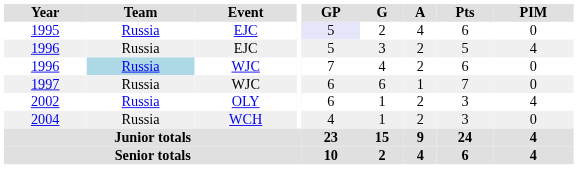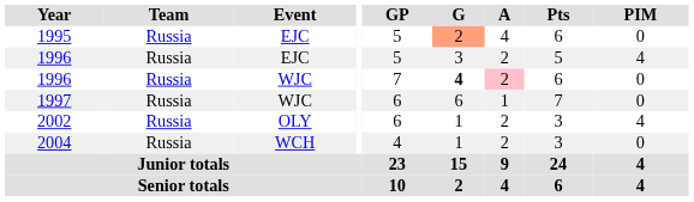 <table border="0" cellpadding="1" cellspacing="0" ID="Table3" style="text-align:center; width:40em">
 <tr bgcolor="#e0e0e0">
 <th>Year</th>
 <th>Team</th>
 <th>Event</th>
 <th rowspan="102" bgcolor="#ffffff"></th>
 <th>GP</th>
 <th>G</th>
 <th>A</th>
 <th>Pts</th>
 <th>PIM</th>
 </tr>
 <tr>
 <td><a href='#'>1995</a></td>
 <td><a href='#'>Russia</a></td>
 <td><a href='#'>EJC</a></td>
-<td style="background: lavender;">5</td>
-<td>2</td>
+<td>5</td>
+<td style="background: lightsalmon;">2</td>
 <td>4</td>
 <td>6</td>
 <td>0</td>
 </tr>
 <tr bgcolor="#f0f0f0">
 <td><a href='#'>1996</a></td>
 <td>Russia</td>
 <td>EJC</td>
 <td>5</td>
 <td>3</td>
 <td>2</td>
 <td>5</td>
 <td>4</td>
 </tr>
 <tr>
 <td><a href='#'>1996</a></td>
-<td style="background: lightblue;"><a href='#'>Russia</a></td>
+<td><a href='#'>Russia</a></td>
 <td><a href='#'>WJC</a></td>
 <td>7</td>
-<td>4</td>
-<td>2</td>
+<td><strong>4</strong></td>
+<td style="background: pink;">2</td>
 <td>6</td>
 <td>0</td>
 </tr>
 <tr bgcolor="#f0f0f0">
 <td><a href='#'>1997</a></td>
 <td>Russia</td>
 <td>WJC</td>
 <td>6</td>
 <td>6</td>
 <td>1</td>
 <td>7</td>
 <td>0</td>
 </tr>
 <tr>
 <td><a href='#'>2002</a></td>
 <td><a href='#'>Russia</a></td>
 <td><a href='#'>OLY</a></td>
 <td>6</td>
 <td>1</td>
 <td>2</td>
 <td>3</td>
 <td>4</td>
 </tr>
 <tr bgcolor="#f0f0f0">
 <td><a href='#'>2004</a></td>
 <td>Russia</td>
 <td><a href='#'>WCH</a></td>
 <td>4</td>
 <td>1</td>
 <td>2</td>
 <td>3</td>
 <td>0</td>
 </tr>
 <tr bgcolor="#e0e0e0">
 <th colspan=4>Junior totals</th>
 <th>23</th>
 <th>15</th>
 <th>9</th>
 <th>24</th>
 <th>4</th>
 </tr>
 <tr bgcolor="#e0e0e0">
 <th colspan=4>Senior totals</th>
 <th>10</th>
 <th>2</th>
 <th>4</th>
 <th>6</th>
 <th>4</th>
 </tr>
 </table>
